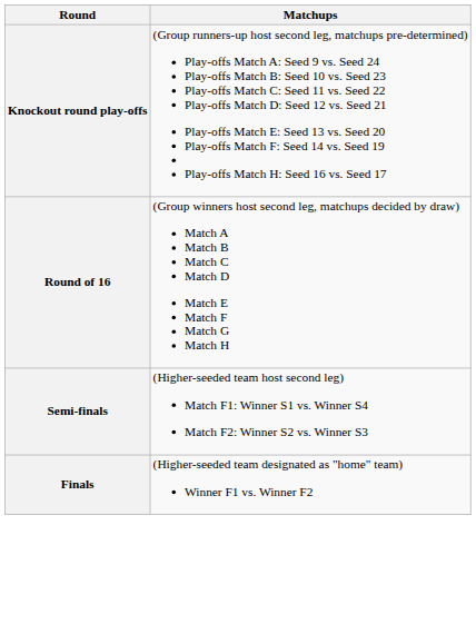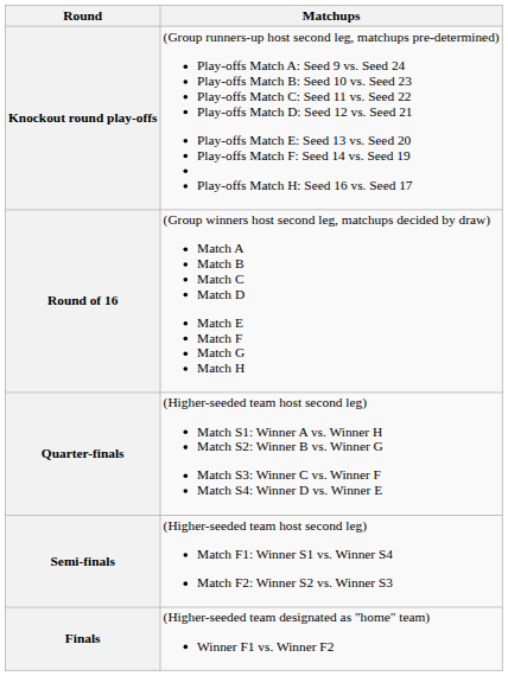 <table class=wikitable>
 <tr>
 <th>Round</th>
 <th>Matchups</th>
 </tr>
 <tr>
 <th>Knockout round play-offs</th>
 <td>(Group runners-up host second leg, matchups pre-determined)<br> <ul><li>Play-offs Match A: Seed 9 vs. Seed 24</li><li>Play-offs Match B: Seed 10 vs. Seed 23</li><li>Play-offs Match C: Seed 11 vs. Seed 22</li><li>Play-offs Match D: Seed 12 vs. Seed 21</li></ul><ul><li>Play-offs Match E: Seed 13 vs. Seed 20</li><li>Play-offs Match F: Seed 14 vs. Seed 19</li><li></li><li>Play-offs Match H: Seed 16 vs. Seed 17</li></ul></td>
 </tr>
 <tr>
 <th>Round of 16</th>
 <td>(Group winners host second leg, matchups decided by draw)<br> <ul><li>Match A</li><li>Match B</li><li>Match C</li><li>Match D</li></ul><ul><li>Match E</li><li>Match F</li><li>Match G</li><li>Match H</li></ul></td>
 </tr>
 <tr>
+<th>Quarter-finals</th>
+<td>(Higher-seeded team host second leg)<br> <ul><li>Match S1: Winner A vs. Winner H</li><li>Match S2: Winner B vs. Winner G</li></ul><ul><li>Match S3: Winner C vs. Winner F</li><li>Match S4: Winner D vs. Winner E</li></ul></td>
+</tr>
+<tr>
 <th>Semi-finals</th>
 <td>(Higher-seeded team host second leg)<br> <ul><li>Match F1: Winner S1 vs. Winner S4</li></ul><ul><li>Match F2: Winner S2 vs. Winner S3</li></ul></td>
 </tr>
 <tr>
 <th>Finals</th>
 <td>(Higher-seeded team designated as "home" team)<br><ul><li>Winner F1 vs. Winner F2</li></ul></td>
 </tr>
 </table>
